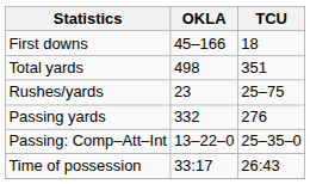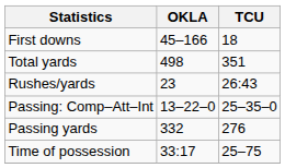 <table class="wikitable" style="float: left;">
 <tr>
 <th>Statistics</th>
 <th>OKLA</th>
 <th>TCU</th>
 </tr>
 <tr>
 <td>First downs</td>
 <td>45–166</td>
 <td>18</td>
 </tr>
 <tr>
 <td>Total yards</td>
 <td>498</td>
 <td>351</td>
 </tr>
 <tr>
 <td>Rushes/yards</td>
 <td>23</td>
-<td>25–75</td>
+<td>26:43</td>
+</tr>
+<tr>
+<td>Passing: Comp–Att–Int</td>
+<td>13–22–0</td>
+<td>25–35–0</td>
 </tr>
 <tr>
 <td>Passing yards</td>
 <td>332</td>
 <td>276</td>
 </tr>
 <tr>
-<td>Passing: Comp–Att–Int</td>
-<td>13–22–0</td>
-<td>25–35–0</td>
-</tr>
-<tr>
 <td>Time of possession</td>
 <td>33:17</td>
-<td>26:43</td>
+<td>25–75</td>
 </tr>
 <tr>
 </tr>
 </table>
